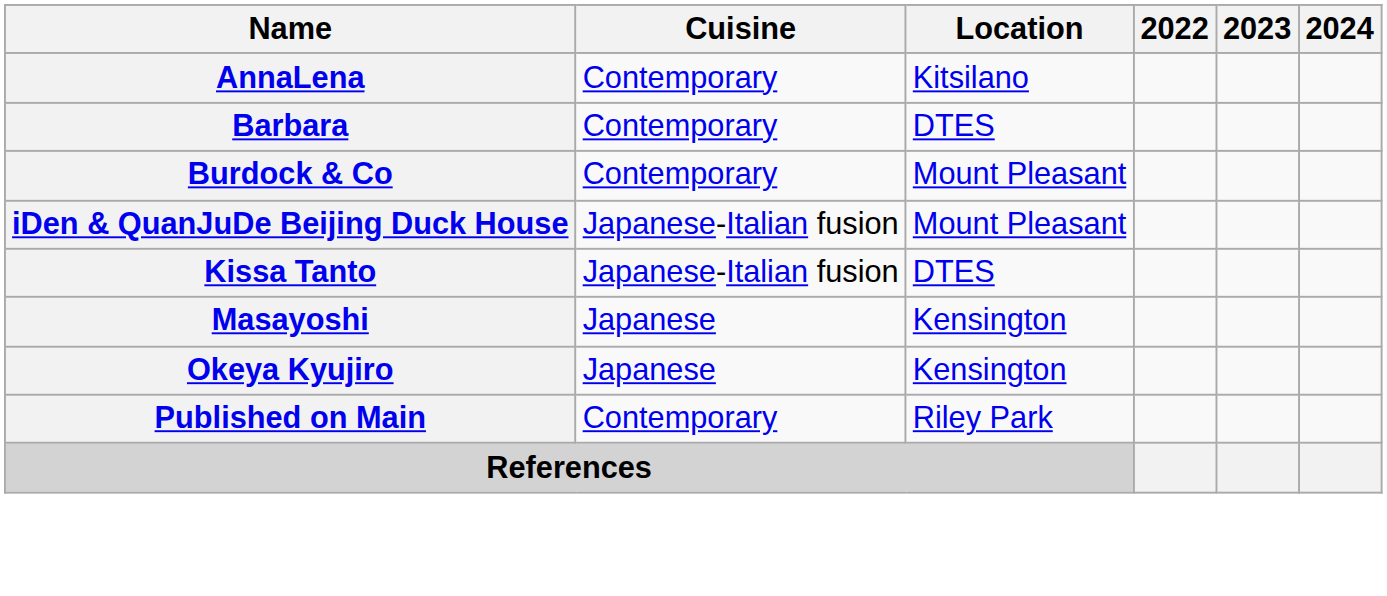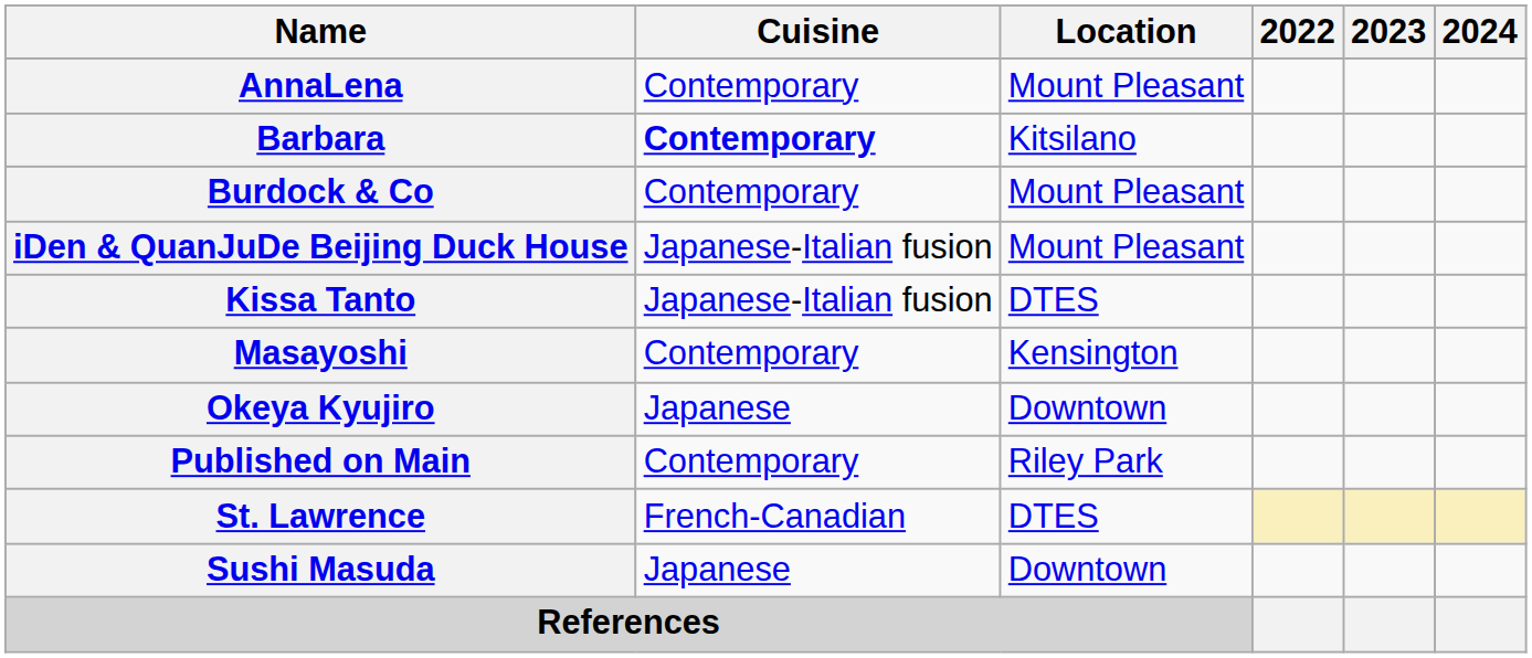 <table class="wikitable sortable plainrowheaders" style="text-align:left;"">
 <tr>
 <th scope="col">Name</th>
 <th scope="col">Cuisine</th>
 <th scope="col">Location</th>
 <th scope="col">2022</th>
 <th scope="col">2023</th>
 <th scope="col">2024</th>
 </tr>
 <tr>
 <th scope="row"><a href='#'>AnnaLena</a></th>
 <td><a href='#'>Contemporary</a></td>
-<td><a href='#'>Kitsilano</a></td>
+<td><a href='#'>Mount Pleasant</a></td>
 <td></td>
 <td></td>
 <td></td>
 </tr>
 <tr>
 <th scope="row"><a href='#'>Barbara</a></th>
-<td><a href='#'>Contemporary</a></td>
-<td><a href='#'>DTES</a></td>
+<td><strong><a href='#'>Contemporary</a></strong></td>
+<td><a href='#'>Kitsilano</a></td>
 <td></td>
 <td></td>
 <td></td>
 </tr>
 <tr>
 <th scope="row"><a href='#'>Burdock & Co</a></th>
 <td><a href='#'>Contemporary</a></td>
 <td><a href='#'>Mount Pleasant</a></td>
 <td></td>
 <td></td>
 <td></td>
 </tr>
 <tr>
 <th scope="row"><a href='#'>iDen & QuanJuDe Beijing Duck House</a></th>
 <td><a href='#'>Japanese</a>-<a href='#'>Italian</a> fusion</td>
 <td><a href='#'>Mount Pleasant</a></td>
 <td></td>
 <td></td>
 <td></td>
 </tr>
 <tr>
 <th scope="row"><a href='#'>Kissa Tanto</a></th>
 <td><a href='#'>Japanese</a>-<a href='#'>Italian</a> fusion</td>
 <td><a href='#'>DTES</a></td>
 <td></td>
 <td></td>
 <td></td>
 </tr>
 <tr>
 <th scope="row"><a href='#'>Masayoshi</a></th>
-<td><a href='#'>Japanese</a></td>
+<td><a href='#'>Contemporary</a></td>
 <td><a href='#'>Kensington</a></td>
 <td></td>
 <td></td>
 <td></td>
 </tr>
 <tr>
 <th scope="row"><a href='#'>Okeya Kyujiro</a></th>
 <td><a href='#'>Japanese</a></td>
-<td><a href='#'>Kensington</a></td>
+<td><a href='#'>Downtown</a></td>
 <td></td>
 <td></td>
 <td></td>
 </tr>
 <tr>
 <th scope="row"><a href='#'>Published on Main</a></th>
 <td><a href='#'>Contemporary</a></td>
 <td><a href='#'>Riley Park</a></td>
 <td></td>
 <td></td>
 <td></td>
 </tr>
 <tr>
+<th scope="row"><a href='#'>St. Lawrence</a></th>
+<td><a href='#'>French-Canadian</a></td>
+<td><a href='#'>DTES</a></td>
+<th style="background-color:#FAF0BE"></th>
+<th style="background-color:#FAF0BE"></th>
+<th style="background-color:#FAF0BE"></th>
+</tr>
+<tr>
+<th scope="row"><a href='#'>Sushi Masuda</a></th>
+<td><a href='#'>Japanese</a></td>
+<td><a href='#'>Downtown</a></td>
+<td></td>
+<td></td>
+<td></td>
+</tr>
+<tr>
 <th colspan="3" style="text-align: center;background: lightgray;">References</th>
 <th></th>
 <th></th>
 <th></th>
 </tr>
 </table>
